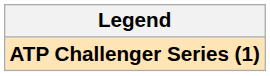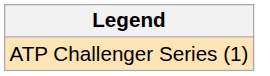 <table class="wikitable">
 <tr>
 <th>Legend</th>
 </tr>
 <tr bgcolor="moccasin">
-<td><strong>ATP Challenger Series (1)</strong></td>
+<td>ATP Challenger Series (1)</td>
 </tr>
 </table>
